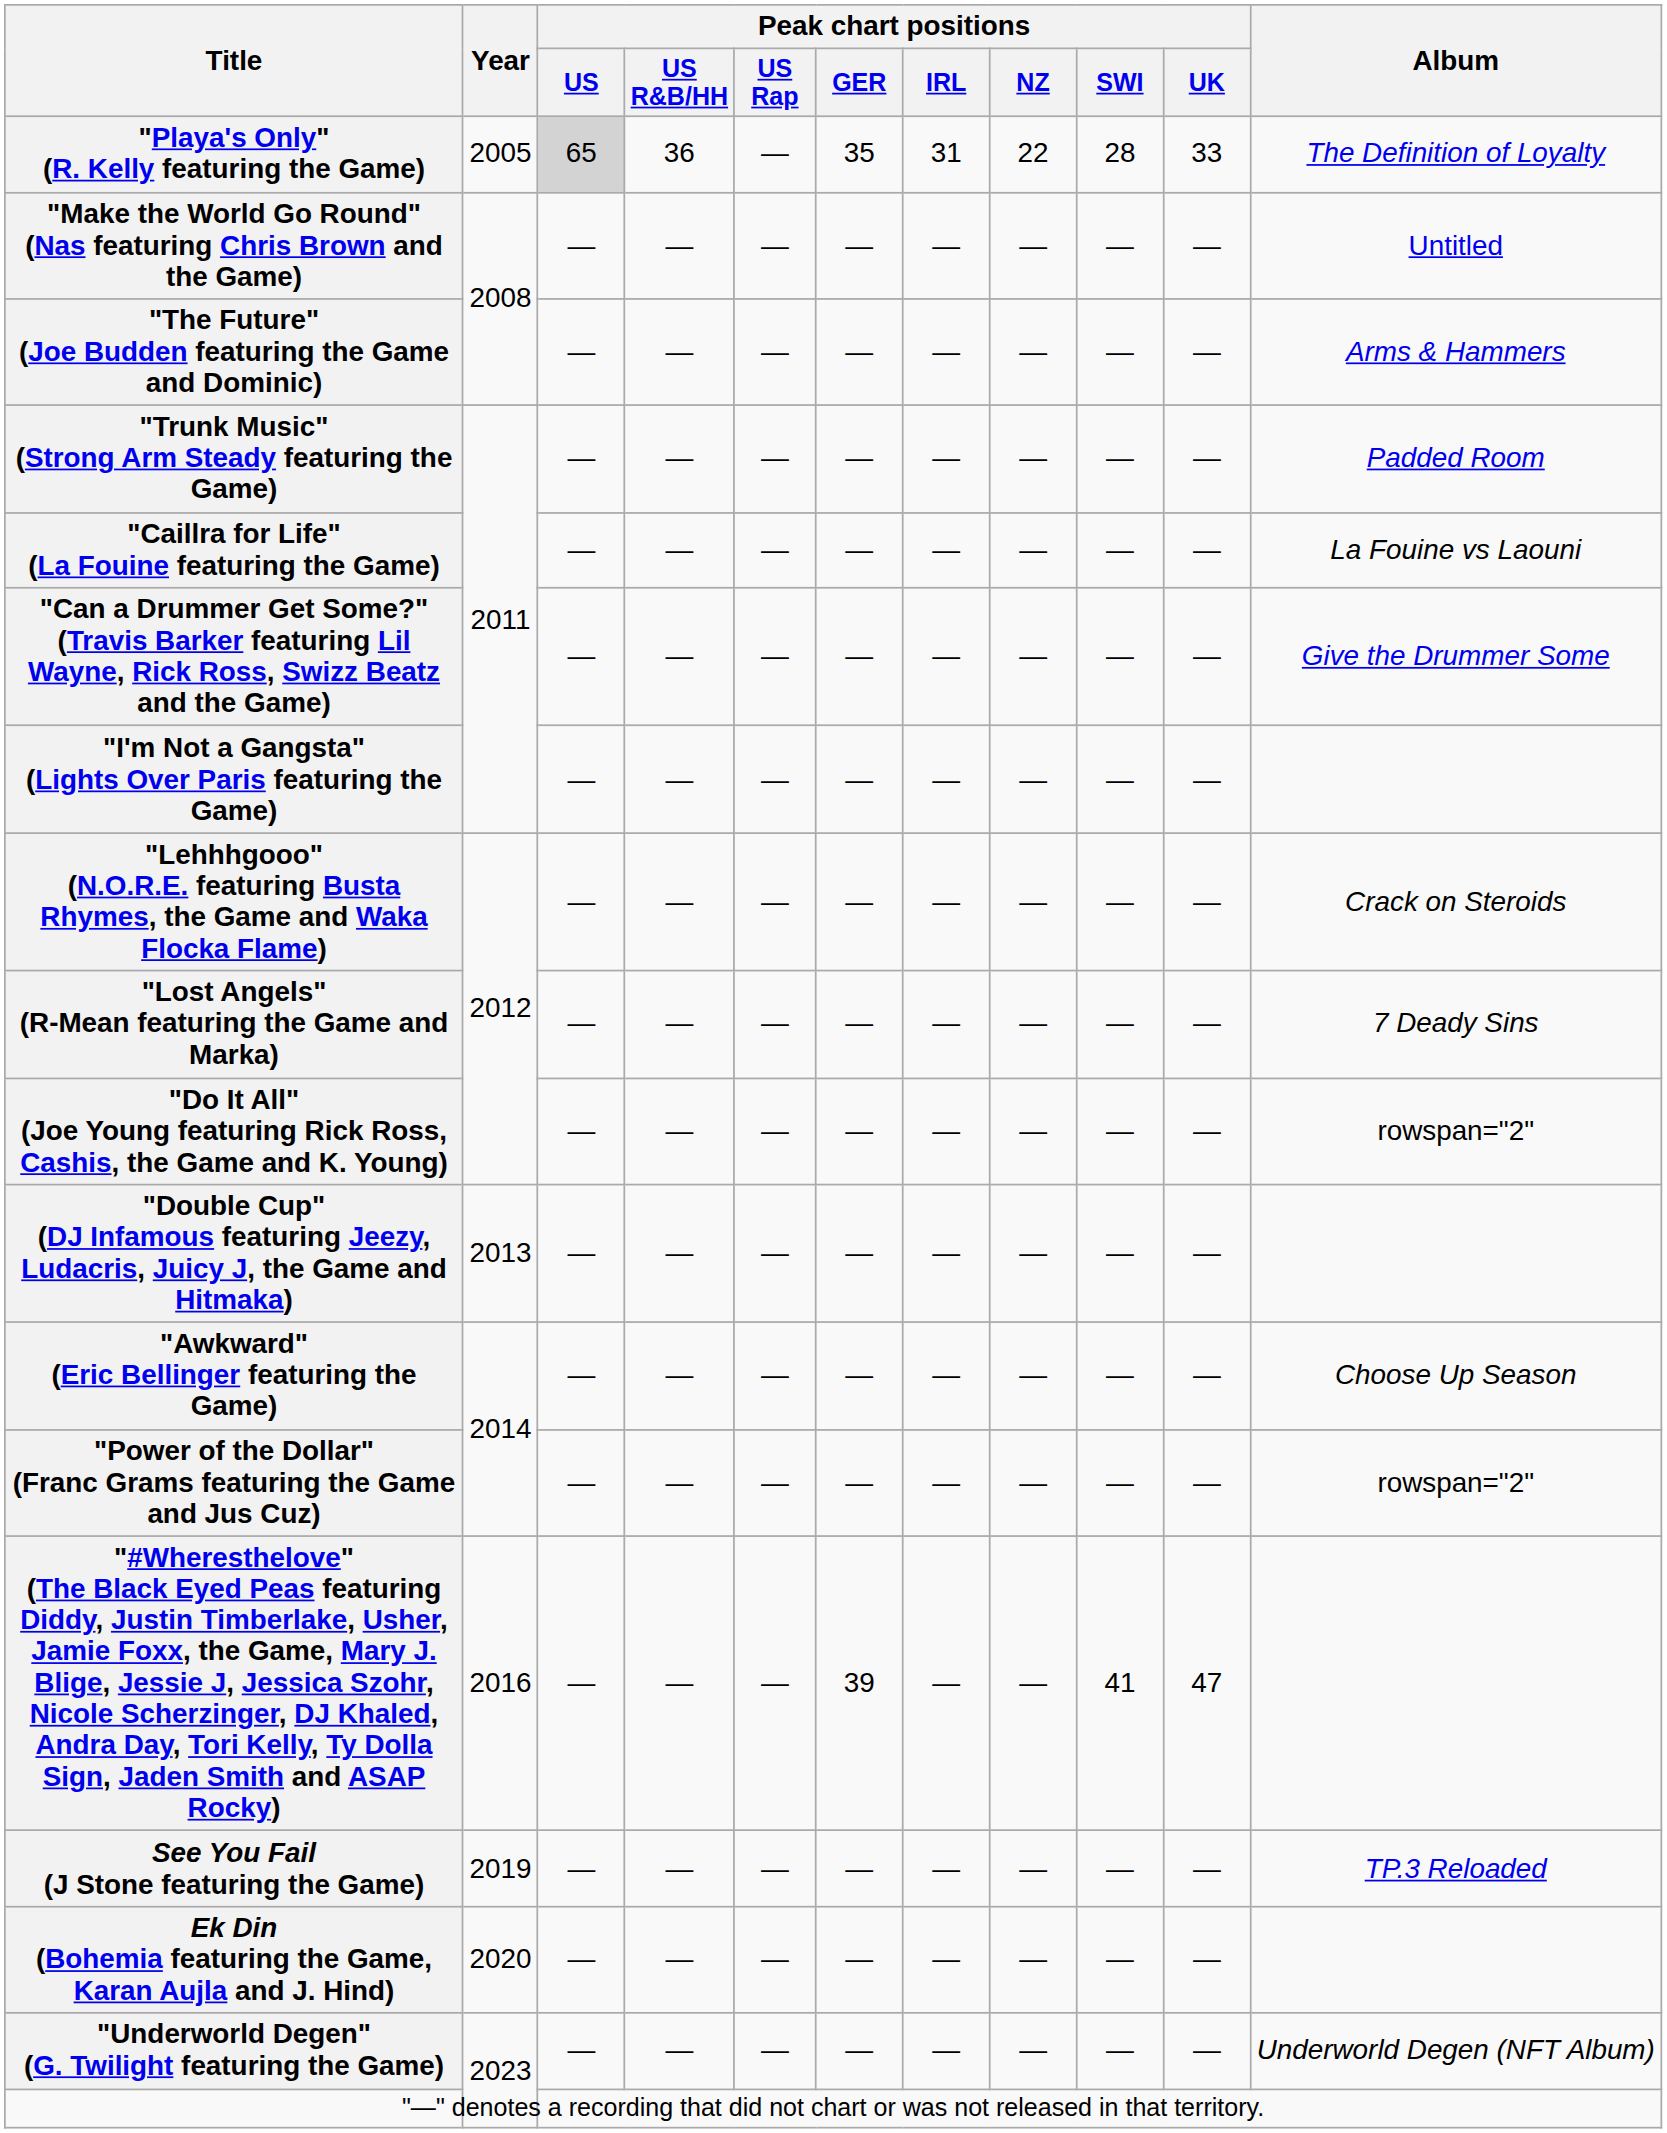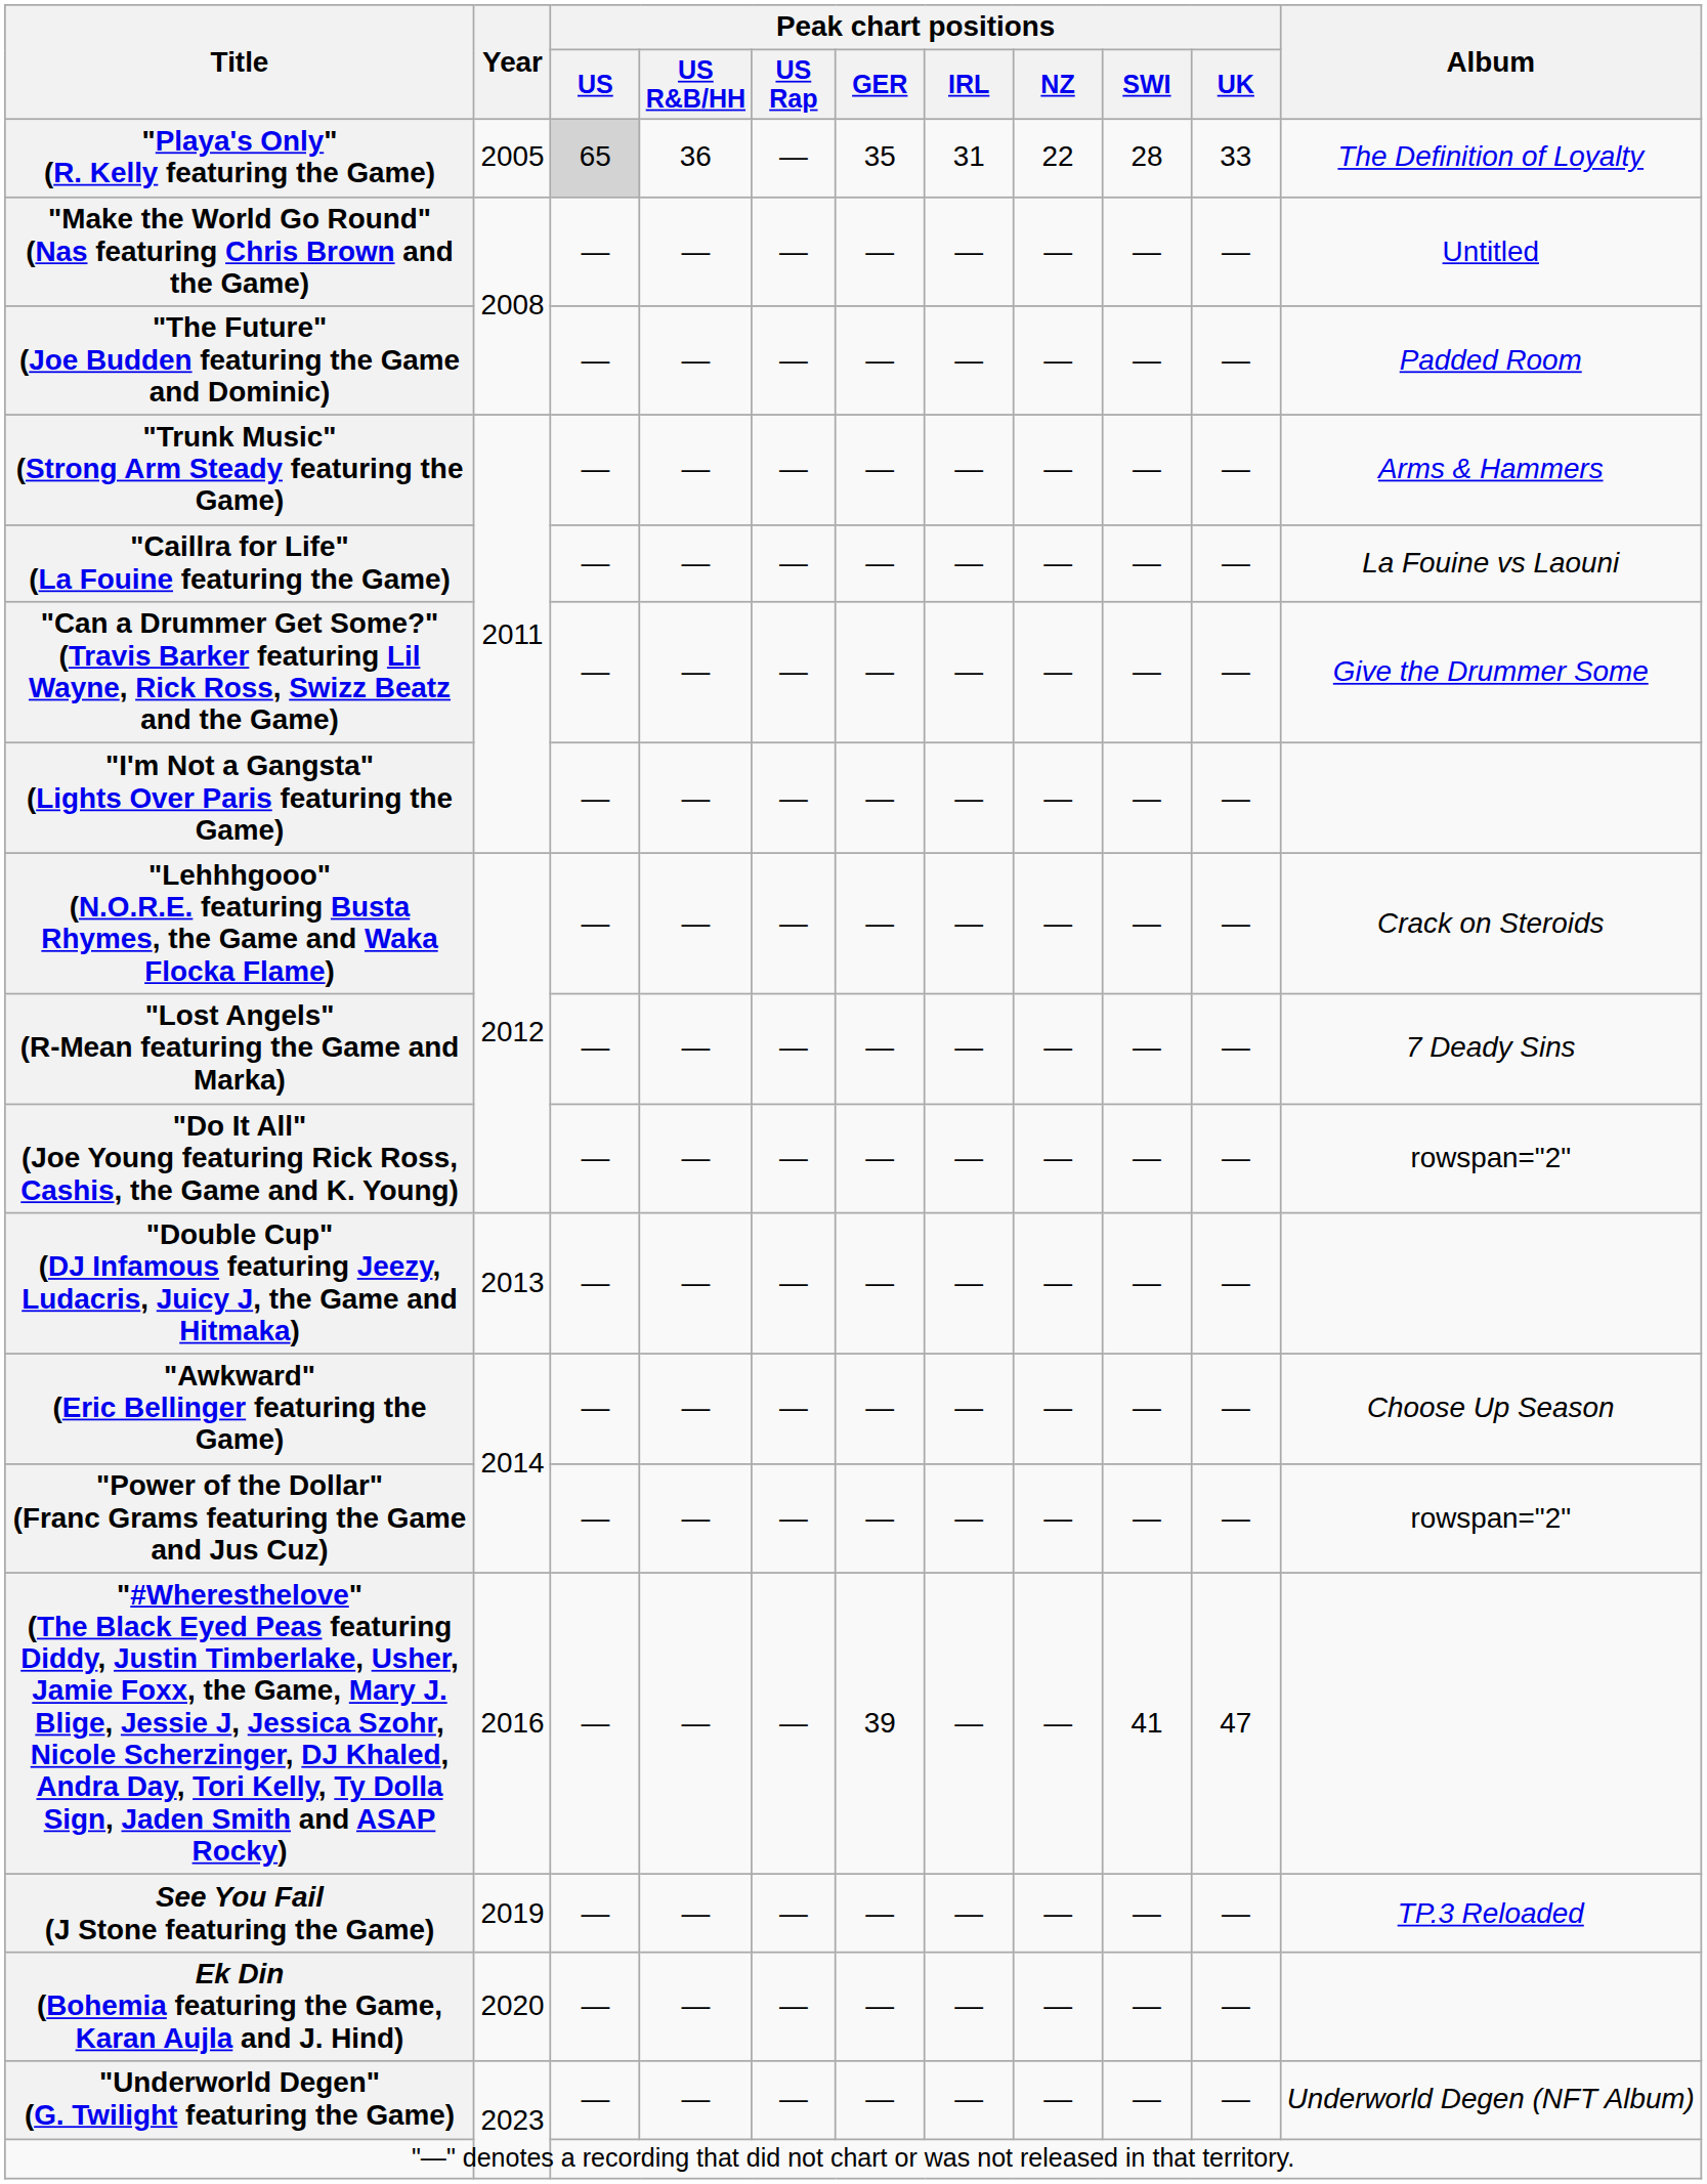 <table class="wikitable plainrowheaders" style="text-align:center;">
 <tr>
 <th scope="col" rowspan="2" style="width:16em;">Title</th>
 <th scope="col" rowspan="2">Year</th>
 <th scope="col" colspan="8">Peak chart positions</th>
 <th scope="col" rowspan="2">Album</th>
 </tr>
 <tr>
 <th scope="col" style="width:3em;font-size:90%;"><a href='#'>US</a><br></th>
 <th scope="col" style="width:3em;font-size:90%;"><a href='#'>US<br>R&B/HH</a><br></th>
 <th scope="col" style="width:2.8em;font-size:90%;"><a href='#'>US<br>Rap</a></th>
 <th scope="col" style="width:3em;font-size:90%;"><a href='#'>GER</a><br></th>
 <th scope="col" style="width:3em;font-size:90%;"><a href='#'>IRL</a><br></th>
 <th scope="col" style="width:3em;font-size:90%;"><a href='#'>NZ</a><br></th>
 <th scope="col" style="width:3em;font-size:90%;"><a href='#'>SWI</a><br></th>
 <th scope="col" style="width:3em;font-size:90%;"><a href='#'>UK</a><br></th>
 </tr>
 <tr>
 <th scope="row">"<a href='#'>Playa's Only</a>"<br><span>(<a href='#'>R. Kelly</a> featuring the Game)</span></th>
 <td>2005</td>
 <td style="background: lightgrey;">65</td>
 <td>36</td>
 <td>—</td>
 <td>35</td>
 <td>31</td>
 <td>22</td>
 <td>28</td>
 <td>33</td>
 <td><em><a href='#'>The Definition of Loyalty</a></em></td>
 </tr>
 <tr>
 <th scope="row">"Make the World Go Round"<br><span>(<a href='#'>Nas</a> featuring <a href='#'>Chris Brown</a> and the Game)</span></th>
 <td rowspan="2">2008</td>
 <td>—</td>
 <td>—</td>
 <td>—</td>
 <td>—</td>
 <td>—</td>
 <td>—</td>
 <td>—</td>
 <td>—</td>
 <td><a href='#'>Untitled</a></td>
 </tr>
 <tr>
 <th scope="row">"The Future"<br><span>(<a href='#'>Joe Budden</a> featuring the Game and Dominic)</span></th>
 <td>—</td>
 <td>—</td>
 <td>—</td>
 <td>—</td>
 <td>—</td>
 <td>—</td>
 <td>—</td>
 <td>—</td>
-<td><em><a href='#'>Arms & Hammers</a></em></td>
+<td><em><a href='#'>Padded Room</a></em></td>
 </tr>
 <tr>
 <th scope="row">"Trunk Music"<br><span>(<a href='#'>Strong Arm Steady</a> featuring the Game)</span></th>
 <td rowspan="4">2011</td>
 <td>—</td>
 <td>—</td>
 <td>—</td>
 <td>—</td>
 <td>—</td>
 <td>—</td>
 <td>—</td>
 <td>—</td>
-<td><em><a href='#'>Padded Room</a></em></td>
+<td><em><a href='#'>Arms & Hammers</a></em></td>
 </tr>
 <tr>
 <th scope="row">"Caillra for Life"<br><span>(<a href='#'>La Fouine</a> featuring the Game)</span></th>
 <td>—</td>
 <td>—</td>
 <td>—</td>
 <td>—</td>
 <td>—</td>
 <td>—</td>
 <td>—</td>
 <td>—</td>
 <td><em>La Fouine vs Laouni</em></td>
 </tr>
 <tr>
 <th scope="row">"Can a Drummer Get Some?"<br><span>(<a href='#'>Travis Barker</a> featuring <a href='#'>Lil Wayne</a>, <a href='#'>Rick Ross</a>, <a href='#'>Swizz Beatz</a> and the Game)</span></th>
 <td>—</td>
 <td>—</td>
 <td>—</td>
 <td>—</td>
 <td>—</td>
 <td>—</td>
 <td>—</td>
 <td>—</td>
 <td><em><a href='#'>Give the Drummer Some</a></em></td>
 </tr>
 <tr>
 <th scope="row">"I'm Not a Gangsta"<br><span>(<a href='#'>Lights Over Paris</a> featuring the Game)</span></th>
 <td>—</td>
 <td>—</td>
 <td>—</td>
 <td>—</td>
 <td>—</td>
 <td>—</td>
 <td>—</td>
 <td>—</td>
 <td></td>
 </tr>
 <tr>
 <th scope="row">"Lehhhgooo"<br><span>(<a href='#'>N.O.R.E.</a> featuring <a href='#'>Busta Rhymes</a>, the Game and <a href='#'>Waka Flocka Flame</a>)</span></th>
 <td rowspan="3">2012</td>
 <td>—</td>
 <td>—</td>
 <td>—</td>
 <td>—</td>
 <td>—</td>
 <td>—</td>
 <td>—</td>
 <td>—</td>
 <td><em>Crack on Steroids</em></td>
 </tr>
 <tr>
 <th scope="row">"Lost Angels"<br><span>(R-Mean featuring the Game and Marka)</span></th>
 <td>—</td>
 <td>—</td>
 <td>—</td>
 <td>—</td>
 <td>—</td>
 <td>—</td>
 <td>—</td>
 <td>—</td>
 <td><em>7 Deady Sins</em></td>
 </tr>
 <tr>
 <th scope="row">"Do It All"<br><span>(Joe Young featuring Rick Ross, <a href='#'>Cashis</a>, the Game and K. Young)</span></th>
 <td>—</td>
 <td>—</td>
 <td>—</td>
 <td>—</td>
 <td>—</td>
 <td>—</td>
 <td>—</td>
 <td>—</td>
 <td>rowspan="2" </td>
 </tr>
 <tr>
 <th scope="row">"Double Cup"<br><span>(<a href='#'>DJ Infamous</a> featuring <a href='#'>Jeezy</a>, <a href='#'>Ludacris</a>, <a href='#'>Juicy J</a>, the Game and <a href='#'>Hitmaka</a>)</span></th>
 <td>2013</td>
 <td>—</td>
 <td>—</td>
 <td>—</td>
 <td>—</td>
 <td>—</td>
 <td>—</td>
 <td>—</td>
 <td>—</td>
 </tr>
 <tr>
 <th scope="row">"Awkward"<br><span>(<a href='#'>Eric Bellinger</a> featuring the Game)</span></th>
 <td rowspan="2">2014</td>
 <td>—</td>
 <td>—</td>
 <td>—</td>
 <td>—</td>
 <td>—</td>
 <td>—</td>
 <td>—</td>
 <td>—</td>
 <td><em>Choose Up Season</em></td>
 </tr>
 <tr>
 <th scope="row">"Power of the Dollar"<br><span>(Franc Grams featuring the Game and Jus Cuz)</span></th>
 <td>—</td>
 <td>—</td>
 <td>—</td>
 <td>—</td>
 <td>—</td>
 <td>—</td>
 <td>—</td>
 <td>—</td>
 <td>rowspan="2" </td>
 </tr>
 <tr>
 <th scope="row">"<a href='#'>#Wheresthelove</a>"<br><span>(<a href='#'>The Black Eyed Peas</a> featuring <a href='#'>Diddy</a>, <a href='#'>Justin Timberlake</a>, <a href='#'>Usher</a>, <a href='#'>Jamie Foxx</a>, the Game, <a href='#'>Mary J. Blige</a>, <a href='#'>Jessie J</a>, <a href='#'>Jessica Szohr</a>, <a href='#'>Nicole Scherzinger</a>, <a href='#'>DJ Khaled</a>, <a href='#'>Andra Day</a>, <a href='#'>Tori Kelly</a>, <a href='#'>Ty Dolla Sign</a>, <a href='#'>Jaden Smith</a> and <a href='#'>ASAP Rocky</a>)</span></th>
 <td>2016</td>
 <td>—</td>
 <td>—</td>
 <td>—</td>
 <td>39</td>
 <td>—</td>
 <td>—</td>
 <td>41</td>
 <td>47</td>
 </tr>
 <tr>
 <th scope="row"><em>See You Fail</em><br><span>(J Stone featuring the Game)</span></th>
 <td>2019</td>
 <td>—</td>
 <td>—</td>
 <td>—</td>
 <td>—</td>
 <td>—</td>
 <td>—</td>
 <td>—</td>
 <td>—</td>
 <td><em><a href='#'>TP.3 Reloaded</a></em></td>
 </tr>
 <tr>
 <th scope="row"><em>Ek Din</em><br><span>(<a href='#'>Bohemia</a> featuring the Game, <a href='#'>Karan Aujla</a> and J. Hind)</span></th>
 <td>2020</td>
 <td>—</td>
 <td>—</td>
 <td>—</td>
 <td>—</td>
 <td>—</td>
 <td>—</td>
 <td>—</td>
 <td>—</td>
 <td></td>
 </tr>
 <tr>
 <th scope="row">"Underworld Degen"<br><span>(<a href='#'>G. Twilight</a> featuring the Game)</span></th>
 <td rowspan="2">2023</td>
 <td>—</td>
 <td>—</td>
 <td>—</td>
 <td>—</td>
 <td>—</td>
 <td>—</td>
 <td>—</td>
 <td>—</td>
 <td><em>Underworld Degen (NFT Album)</em></td>
 </tr>
 <tr>
 <td colspan="14" style="font-size:90%">"—" denotes a recording that did not chart or was not released in that territory.</td>
 </tr>
 </table>
